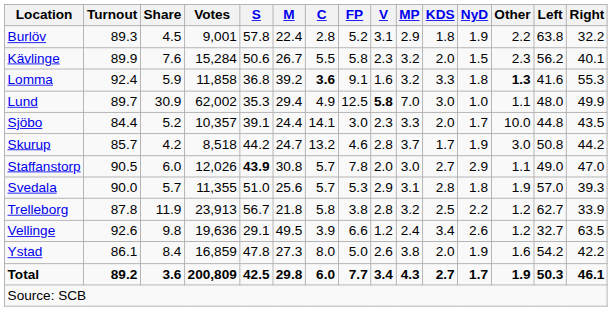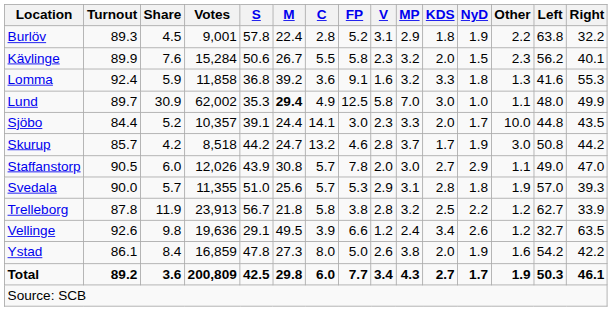 <table class="wikitable sortable" style=text-align:right>
 <tr>
 <th>Location</th>
 <th>Turnout</th>
 <th>Share</th>
 <th>Votes</th>
 <th><a href='#'>S</a></th>
 <th><a href='#'>M</a></th>
 <th><a href='#'>C</a></th>
 <th><a href='#'>FP</a></th>
 <th><a href='#'>V</a></th>
 <th><a href='#'>MP</a></th>
 <th><a href='#'>KDS</a></th>
 <th><a href='#'>NyD</a></th>
 <th>Other</th>
 <th>Left</th>
 <th>Right</th>
 </tr>
 <tr>
 <td align=left><a href='#'>Burlöv</a></td>
 <td>89.3</td>
 <td>4.5</td>
 <td>9,001</td>
 <td>57.8</td>
 <td>22.4</td>
 <td>2.8</td>
 <td>5.2</td>
 <td>3.1</td>
 <td>2.9</td>
 <td>1.8</td>
 <td>1.9</td>
 <td>2.2</td>
 <td>63.8</td>
 <td>32.2</td>
 </tr>
 <tr>
 <td align=left><a href='#'>Kävlinge</a></td>
 <td>89.9</td>
 <td>7.6</td>
 <td>15,284</td>
 <td>50.6</td>
 <td>26.7</td>
 <td>5.5</td>
 <td>5.8</td>
 <td>2.3</td>
 <td>3.2</td>
 <td>2.0</td>
 <td>1.5</td>
 <td>2.3</td>
 <td>56.2</td>
 <td>40.1</td>
 </tr>
 <tr>
 <td align=left><a href='#'>Lomma</a></td>
 <td>92.4</td>
 <td>5.9</td>
 <td>11,858</td>
 <td>36.8</td>
 <td>39.2</td>
-<td><strong>3.6</strong></td>
+<td>3.6</td>
 <td>9.1</td>
 <td>1.6</td>
 <td>3.2</td>
 <td>3.3</td>
 <td>1.8</td>
-<td><strong>1.3</strong></td>
+<td>1.3</td>
 <td>41.6</td>
 <td>55.3</td>
 </tr>
 <tr>
 <td align=left><a href='#'>Lund</a></td>
 <td>89.7</td>
 <td>30.9</td>
 <td>62,002</td>
 <td>35.3</td>
-<td>29.4</td>
+<td><strong>29.4</strong></td>
 <td>4.9</td>
 <td>12.5</td>
-<td><strong>5.8</strong></td>
+<td>5.8</td>
 <td>7.0</td>
 <td>3.0</td>
 <td>1.0</td>
 <td>1.1</td>
 <td>48.0</td>
 <td>49.9</td>
 </tr>
 <tr>
 <td align=left><a href='#'>Sjöbo</a></td>
 <td>84.4</td>
 <td>5.2</td>
 <td>10,357</td>
 <td>39.1</td>
 <td>24.4</td>
 <td>14.1</td>
 <td>3.0</td>
 <td>2.3</td>
 <td>3.3</td>
 <td>2.0</td>
 <td>1.7</td>
 <td>10.0</td>
 <td>44.8</td>
 <td>43.5</td>
 </tr>
 <tr>
 <td align=left><a href='#'>Skurup</a></td>
 <td>85.7</td>
 <td>4.2</td>
 <td>8,518</td>
 <td>44.2</td>
 <td>24.7</td>
 <td>13.2</td>
 <td>4.6</td>
 <td>2.8</td>
 <td>3.7</td>
 <td>1.7</td>
 <td>1.9</td>
 <td>3.0</td>
 <td>50.8</td>
 <td>44.2</td>
 </tr>
 <tr>
 <td align=left><a href='#'>Staffanstorp</a></td>
 <td>90.5</td>
 <td>6.0</td>
 <td>12,026</td>
-<td><strong>43.9</strong></td>
+<td>43.9</td>
 <td>30.8</td>
 <td>5.7</td>
 <td>7.8</td>
 <td>2.0</td>
 <td>3.0</td>
 <td>2.7</td>
 <td>2.9</td>
 <td>1.1</td>
 <td>49.0</td>
 <td>47.0</td>
 </tr>
 <tr>
 <td align=left><a href='#'>Svedala</a></td>
 <td>90.0</td>
 <td>5.7</td>
 <td>11,355</td>
 <td>51.0</td>
 <td>25.6</td>
 <td>5.7</td>
 <td>5.3</td>
 <td>2.9</td>
 <td>3.1</td>
 <td>2.8</td>
 <td>1.8</td>
 <td>1.9</td>
 <td>57.0</td>
 <td>39.3</td>
 </tr>
 <tr>
 <td align=left><a href='#'>Trelleborg</a></td>
 <td>87.8</td>
 <td>11.9</td>
 <td>23,913</td>
 <td>56.7</td>
 <td>21.8</td>
 <td>5.8</td>
 <td>3.8</td>
 <td>2.8</td>
 <td>3.2</td>
 <td>2.5</td>
 <td>2.2</td>
 <td>1.2</td>
 <td>62.7</td>
 <td>33.9</td>
 </tr>
 <tr>
 <td align=left><a href='#'>Vellinge</a></td>
 <td>92.6</td>
 <td>9.8</td>
 <td>19,636</td>
 <td>29.1</td>
 <td>49.5</td>
 <td>3.9</td>
 <td>6.6</td>
 <td>1.2</td>
 <td>2.4</td>
 <td>3.4</td>
 <td>2.6</td>
 <td>1.2</td>
 <td>32.7</td>
 <td>63.5</td>
 </tr>
 <tr>
 <td align=left><a href='#'>Ystad</a></td>
 <td>86.1</td>
 <td>8.4</td>
 <td>16,859</td>
 <td>47.8</td>
 <td>27.3</td>
 <td>8.0</td>
 <td>5.0</td>
 <td>2.6</td>
 <td>3.8</td>
 <td>2.0</td>
 <td>1.9</td>
 <td>1.6</td>
 <td>54.2</td>
 <td>42.2</td>
 </tr>
 <tr>
 <td align=left><strong>Total</strong></td>
 <td><strong>89.2</strong></td>
 <td><strong>3.6</strong></td>
 <td><strong>200,809</strong></td>
 <td><strong>42.5</strong></td>
 <td><strong>29.8</strong></td>
 <td><strong>6.0</strong></td>
 <td><strong>7.7</strong></td>
 <td><strong>3.4</strong></td>
 <td><strong>4.3</strong></td>
 <td><strong>2.7</strong></td>
 <td><strong>1.7</strong></td>
 <td><strong>1.9</strong></td>
 <td><strong>50.3</strong></td>
 <td><strong>46.1</strong></td>
 </tr>
 <tr>
 <td align=left colspan=15>Source: SCB </td>
 </tr>
 </table>
